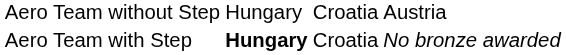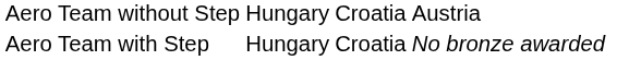 <table>
 <tr>
 <td>Aero Team without Step</td>
 <td>Hungary </td>
 <td>Croatia </td>
 <td>Austria </td>
 </tr>
 <tr>
 <td>Aero Team with Step</td>
-<td><strong>Hungary </strong></td>
+<td>Hungary </td>
 <td>Croatia </td>
 <td><em>No bronze awarded</em></td>
 </tr>
 <tr>
 </tr>
 </table>
